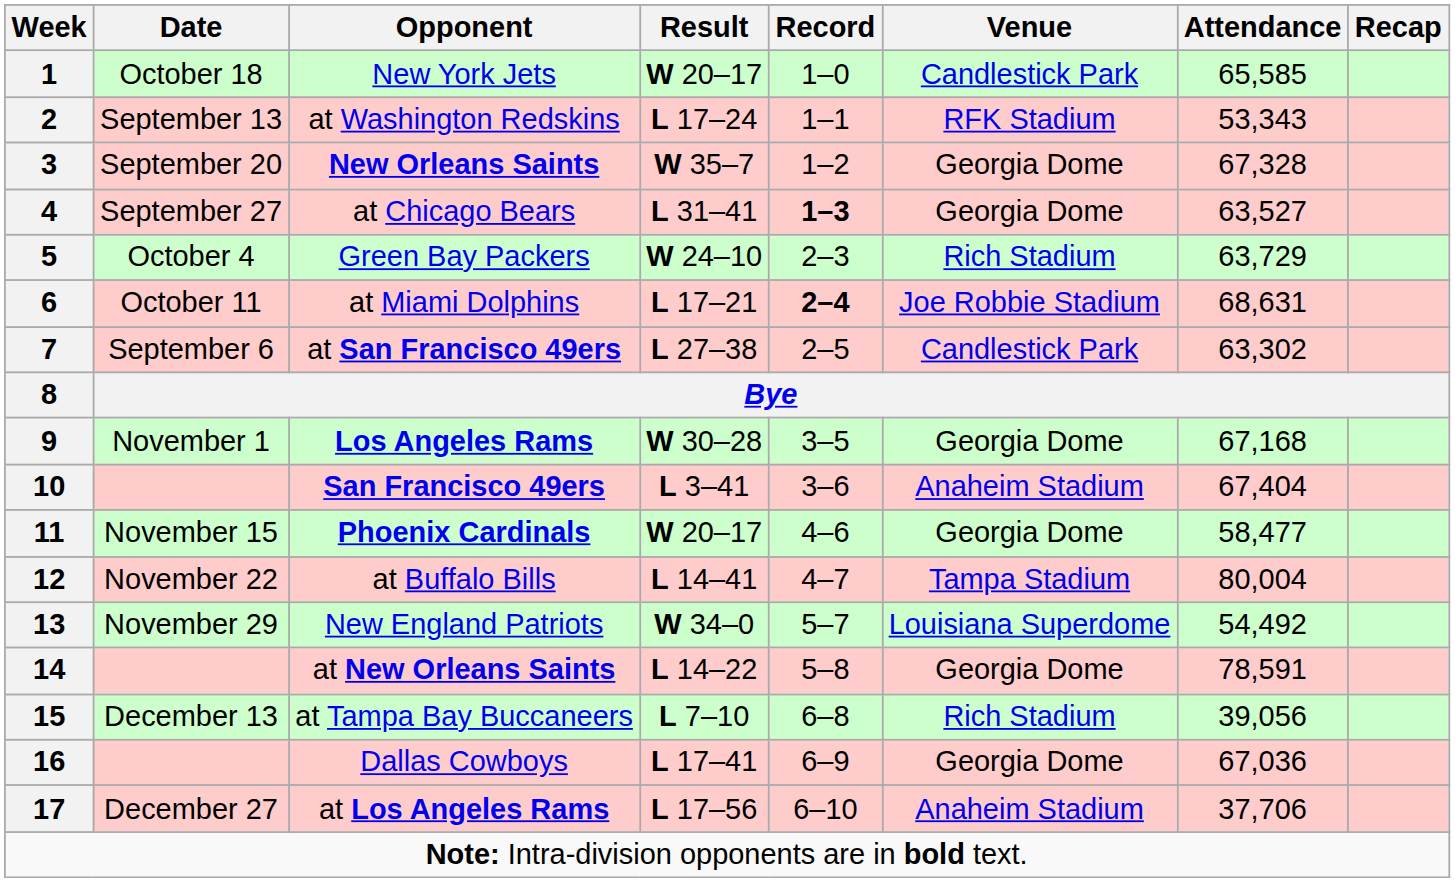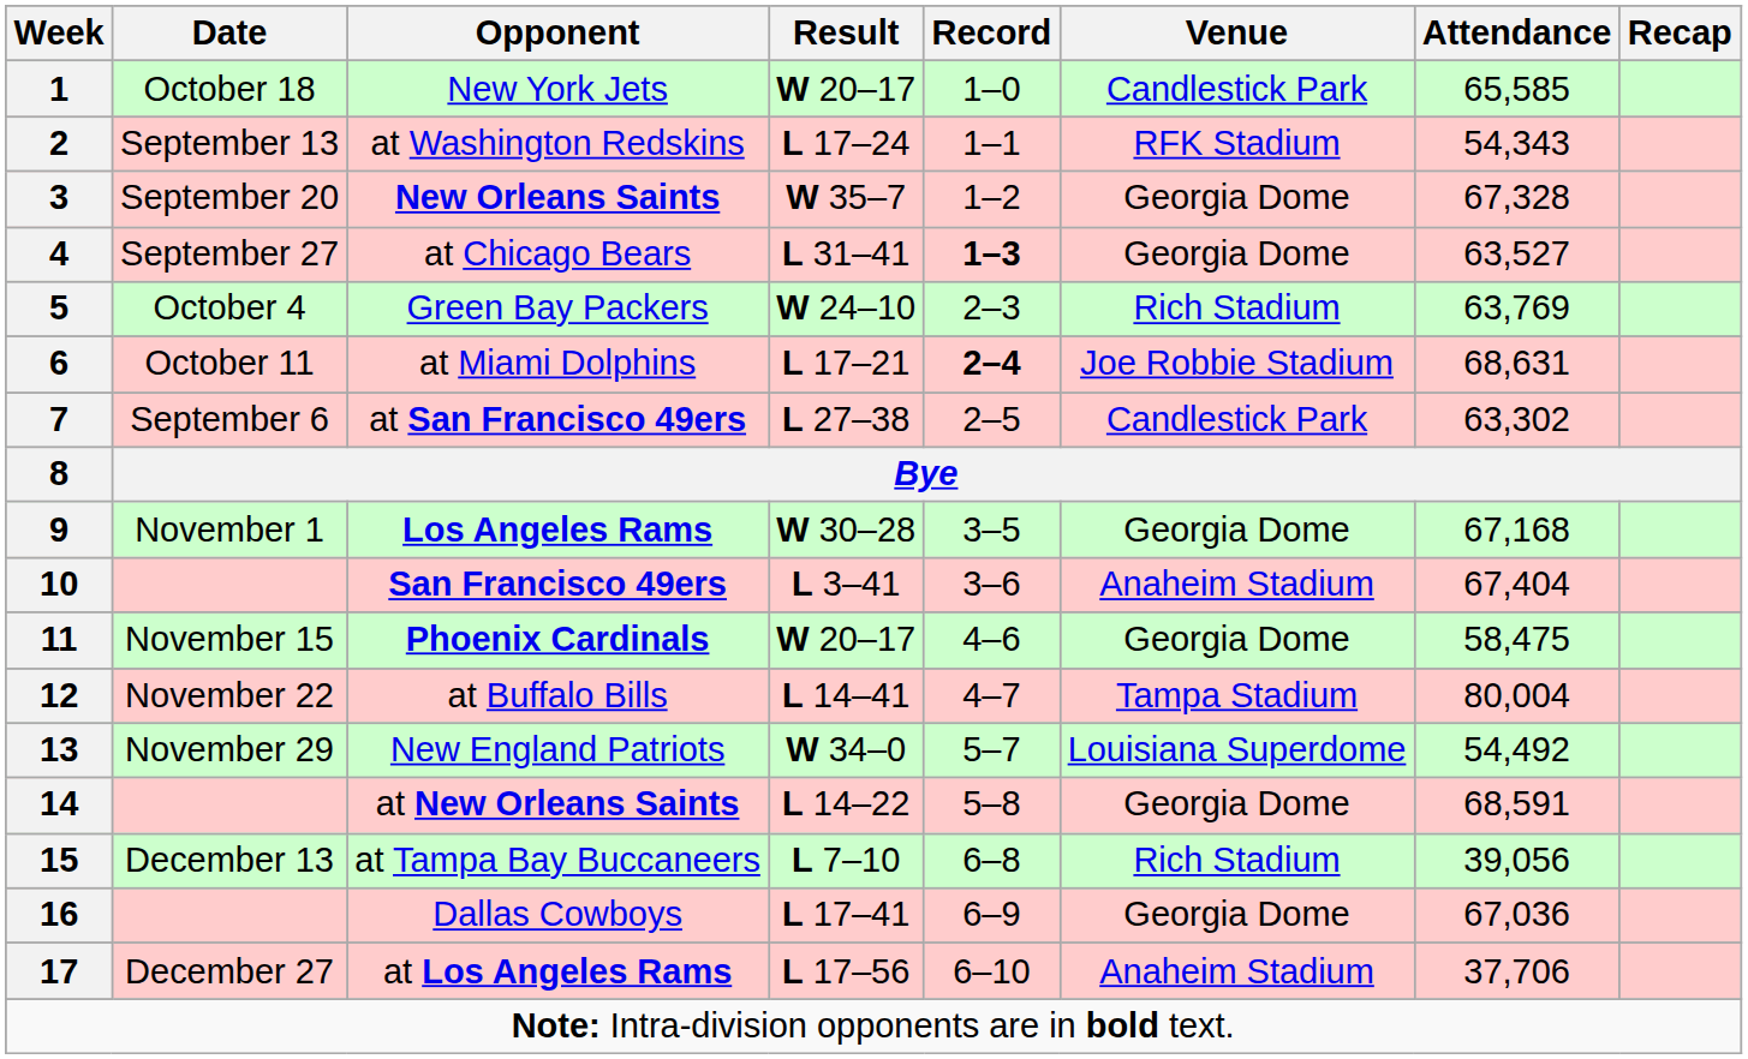 <table class="wikitable" style="text-align:center">
 <tr>
 <th>Week</th>
 <th>Date</th>
 <th>Opponent</th>
 <th>Result</th>
 <th>Record</th>
 <th>Venue</th>
 <th>Attendance</th>
 <th>Recap</th>
 </tr>
 <tr style="background:#cfc">
 <th>1</th>
 <td>October 18</td>
 <td><a href='#'>New York Jets</a></td>
 <td><strong>W</strong> 20–17</td>
 <td>1–0</td>
 <td><a href='#'>Candlestick Park</a></td>
 <td>65,585</td>
 <td></td>
 </tr>
 <tr style="background:#fcc">
 <th>2</th>
 <td>September 13</td>
 <td>at <a href='#'>Washington Redskins</a></td>
 <td><strong>L</strong> 17–24</td>
 <td>1–1</td>
 <td><a href='#'>RFK Stadium</a></td>
-<td>53,343</td>
+<td>54,343</td>
 <td></td>
 </tr>
 <tr style="background:#fcc">
 <th>3</th>
 <td>September 20</td>
 <td><strong><a href='#'>New Orleans Saints</a></strong></td>
 <td><strong>W</strong> 35–7</td>
 <td>1–2</td>
 <td>Georgia Dome</td>
 <td>67,328</td>
 <td></td>
 </tr>
 <tr style="background:#fcc">
 <th>4</th>
 <td>September 27</td>
 <td>at <a href='#'>Chicago Bears</a></td>
 <td><strong>L</strong> 31–41</td>
 <td><strong>1–3</strong></td>
 <td>Georgia Dome</td>
 <td>63,527</td>
 <td></td>
 </tr>
 <tr style="background:#cfc">
 <th>5</th>
 <td>October 4</td>
 <td><a href='#'>Green Bay Packers</a></td>
 <td><strong>W</strong> 24–10</td>
 <td>2–3</td>
 <td><a href='#'>Rich Stadium</a></td>
-<td>63,729</td>
+<td>63,769</td>
 <td></td>
 </tr>
 <tr style="background:#fcc">
 <th>6</th>
 <td>October 11</td>
 <td>at <a href='#'>Miami Dolphins</a></td>
 <td><strong>L</strong> 17–21</td>
 <td><strong>2–4</strong></td>
 <td><a href='#'>Joe Robbie Stadium</a></td>
 <td>68,631</td>
 <td></td>
 </tr>
 <tr style="background:#fcc">
 <th>7</th>
 <td>September 6</td>
 <td>at <strong><a href='#'>San Francisco 49ers</a></strong></td>
 <td><strong>L</strong> 27–38</td>
 <td>2–5</td>
 <td><a href='#'>Candlestick Park</a></td>
 <td>63,302</td>
 <td></td>
 </tr>
 <tr>
 <th>8</th>
 <th colspan=7><em><a href='#'>Bye</a></em></th>
 </tr>
 <tr style="background:#cfc">
 <th>9</th>
 <td>November 1</td>
 <td><strong><a href='#'>Los Angeles Rams</a></strong></td>
 <td><strong>W</strong> 30–28</td>
 <td>3–5</td>
 <td>Georgia Dome</td>
 <td>67,168</td>
 <td></td>
 </tr>
 <tr style="background:#fcc">
 <th>10</th>
 <td></td>
 <td><strong><a href='#'>San Francisco 49ers</a></strong></td>
 <td><strong>L</strong> 3–41</td>
 <td>3–6</td>
 <td><a href='#'>Anaheim Stadium</a></td>
 <td>67,404</td>
 <td></td>
 </tr>
 <tr style="background:#cfc">
 <th>11</th>
 <td>November 15</td>
 <td><strong><a href='#'>Phoenix Cardinals</a></strong></td>
 <td><strong>W</strong> 20–17</td>
 <td>4–6</td>
 <td>Georgia Dome</td>
-<td>58,477</td>
+<td>58,475</td>
 <td></td>
 </tr>
 <tr style="background:#fcc">
 <th>12</th>
 <td>November 22</td>
 <td>at <a href='#'>Buffalo Bills</a></td>
 <td><strong>L</strong> 14–41</td>
 <td>4–7</td>
 <td><a href='#'>Tampa Stadium</a></td>
 <td>80,004</td>
 <td></td>
 </tr>
 <tr style="background:#cfc">
 <th>13</th>
 <td>November 29</td>
 <td><a href='#'>New England Patriots</a></td>
 <td><strong>W</strong> 34–0</td>
 <td>5–7</td>
 <td><a href='#'>Louisiana Superdome</a></td>
 <td>54,492</td>
 <td></td>
 </tr>
 <tr style="background:#fcc">
 <th>14</th>
 <td></td>
 <td>at <strong><a href='#'>New Orleans Saints</a></strong></td>
 <td><strong>L</strong> 14–22</td>
 <td>5–8</td>
 <td>Georgia Dome</td>
-<td>78,591</td>
+<td>68,591</td>
 <td></td>
 </tr>
 <tr style="background:#cfc">
 <th>15</th>
 <td>December 13</td>
 <td>at <a href='#'>Tampa Bay Buccaneers</a></td>
 <td><strong>L</strong> 7–10</td>
 <td>6–8</td>
 <td><a href='#'>Rich Stadium</a></td>
 <td>39,056</td>
 <td></td>
 </tr>
 <tr style="background:#fcc">
 <th>16</th>
 <td></td>
 <td><a href='#'>Dallas Cowboys</a></td>
 <td><strong>L</strong> 17–41</td>
 <td>6–9</td>
 <td>Georgia Dome</td>
 <td>67,036</td>
 <td></td>
 </tr>
 <tr style="background:#fcc">
 <th>17</th>
 <td>December 27</td>
 <td>at <strong><a href='#'>Los Angeles Rams</a></strong></td>
 <td><strong>L</strong> 17–56</td>
 <td>6–10</td>
 <td><a href='#'>Anaheim Stadium</a></td>
 <td>37,706</td>
 <td></td>
 </tr>
 <tr>
 <td colspan="8"><strong>Note:</strong> Intra-division opponents are in <strong>bold</strong> text.</td>
 </tr>
 </table>
